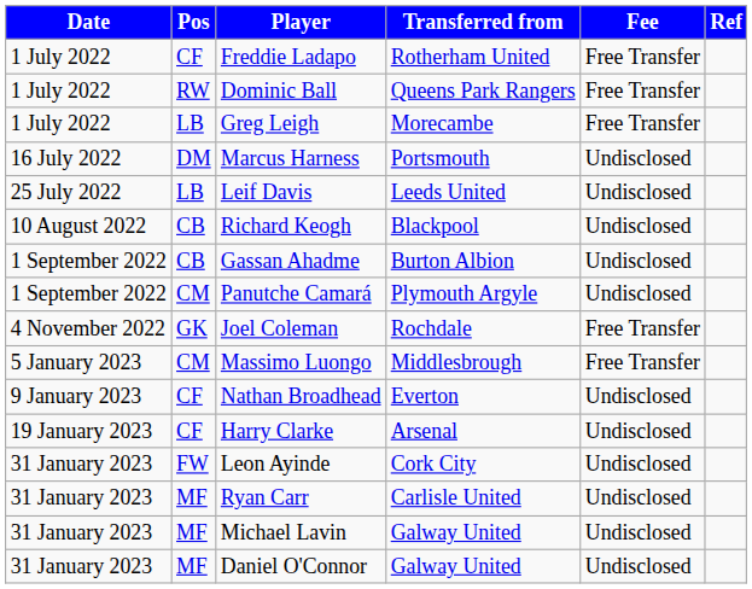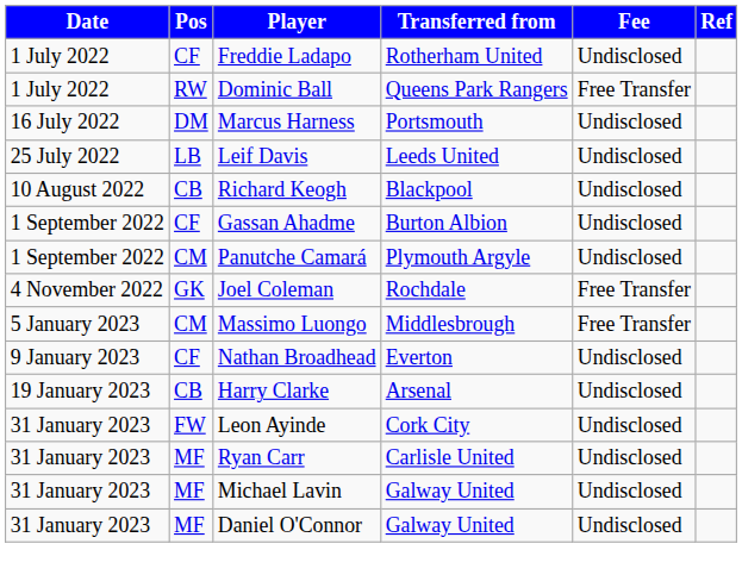 <table class="wikitable plainrowheaders sortable">
 <tr>
 <th style="background:#0000FF; color:#FFFFFF; ">Date</th>
 <th style="background:#0000FF; color:#FFFFFF; ">Pos</th>
 <th style="background:#0000FF; color:#FFFFFF; ">Player</th>
 <th style="background:#0000FF; color:#FFFFFF; ">Transferred from</th>
 <th style="background:#0000FF; color:#FFFFFF; ">Fee</th>
 <th style="background:#0000FF; color:#FFFFFF; ">Ref</th>
 </tr>
 <tr>
 <td>1 July 2022</td>
 <td><a href='#'>CF</a></td>
 <td> <a href='#'>Freddie Ladapo</a></td>
 <td> <a href='#'>Rotherham United</a></td>
-<td>Free Transfer</td>
+<td>Undisclosed</td>
 <td></td>
 </tr>
 <tr>
 <td>1 July 2022</td>
 <td><a href='#'>RW</a></td>
 <td> <a href='#'>Dominic Ball</a></td>
 <td> <a href='#'>Queens Park Rangers</a></td>
-<td>Free Transfer</td>
-<td></td>
-</tr>
-<tr>
-<td>1 July 2022</td>
-<td><a href='#'>LB</a></td>
-<td> <a href='#'>Greg Leigh</a></td>
-<td> <a href='#'>Morecambe</a></td>
 <td>Free Transfer</td>
 <td></td>
 </tr>
 <tr>
 <td>16 July 2022</td>
 <td><a href='#'>DM</a></td>
 <td> <a href='#'>Marcus Harness</a></td>
 <td> <a href='#'>Portsmouth</a></td>
 <td>Undisclosed</td>
 <td></td>
 </tr>
 <tr>
 <td>25 July 2022</td>
 <td><a href='#'>LB</a></td>
 <td> <a href='#'>Leif Davis</a></td>
 <td> <a href='#'>Leeds United</a></td>
 <td>Undisclosed</td>
 <td></td>
 </tr>
 <tr>
 <td>10 August 2022</td>
 <td><a href='#'>CB</a></td>
 <td> <a href='#'>Richard Keogh</a></td>
 <td> <a href='#'>Blackpool</a></td>
 <td>Undisclosed</td>
 <td></td>
 </tr>
 <tr>
 <td>1 September 2022</td>
-<td><a href='#'>CB</a></td>
+<td><a href='#'>CF</a></td>
 <td> <a href='#'>Gassan Ahadme</a></td>
 <td> <a href='#'>Burton Albion</a></td>
 <td>Undisclosed</td>
 <td></td>
 </tr>
 <tr>
 <td>1 September 2022</td>
 <td><a href='#'>CM</a></td>
 <td> <a href='#'>Panutche Camará</a></td>
 <td> <a href='#'>Plymouth Argyle</a></td>
 <td>Undisclosed</td>
 <td></td>
 </tr>
 <tr>
 <td>4 November 2022</td>
 <td><a href='#'>GK</a></td>
 <td> <a href='#'>Joel Coleman</a></td>
 <td> <a href='#'>Rochdale</a></td>
 <td>Free Transfer</td>
 <td></td>
 </tr>
 <tr>
 <td>5 January 2023</td>
 <td><a href='#'>CM</a></td>
 <td> <a href='#'>Massimo Luongo</a></td>
 <td> <a href='#'>Middlesbrough</a></td>
 <td>Free Transfer</td>
 <td></td>
 </tr>
 <tr>
 <td>9 January 2023</td>
 <td><a href='#'>CF</a></td>
 <td> <a href='#'>Nathan Broadhead</a></td>
 <td> <a href='#'>Everton</a></td>
 <td>Undisclosed</td>
 <td></td>
 </tr>
 <tr>
 <td>19 January 2023</td>
-<td><a href='#'>CF</a></td>
+<td><a href='#'>CB</a></td>
 <td> <a href='#'>Harry Clarke</a></td>
 <td> <a href='#'>Arsenal</a></td>
 <td>Undisclosed</td>
 <td></td>
 </tr>
 <tr>
 <td>31 January 2023</td>
 <td><a href='#'>FW</a></td>
 <td> Leon Ayinde</td>
 <td> <a href='#'>Cork City</a></td>
 <td>Undisclosed</td>
 <td></td>
 </tr>
 <tr>
 <td>31 January 2023</td>
 <td><a href='#'>MF</a></td>
 <td> <a href='#'>Ryan Carr</a></td>
 <td> <a href='#'>Carlisle United</a></td>
 <td>Undisclosed</td>
 <td></td>
 </tr>
 <tr>
 <td>31 January 2023</td>
 <td><a href='#'>MF</a></td>
 <td> Michael Lavin</td>
 <td> <a href='#'>Galway United</a></td>
 <td>Undisclosed</td>
 <td></td>
 </tr>
 <tr>
 <td>31 January 2023</td>
 <td><a href='#'>MF</a></td>
 <td> Daniel O'Connor</td>
 <td> <a href='#'>Galway United</a></td>
 <td>Undisclosed</td>
 <td></td>
 </tr>
 </table>
